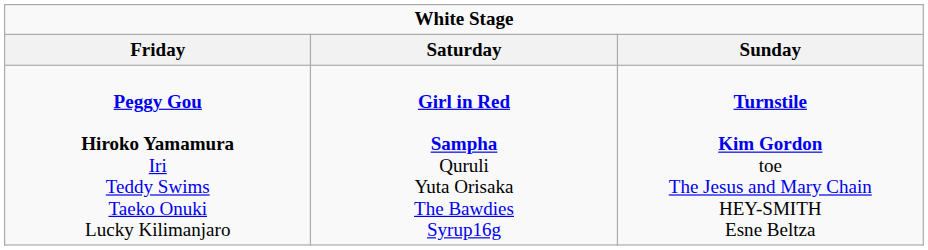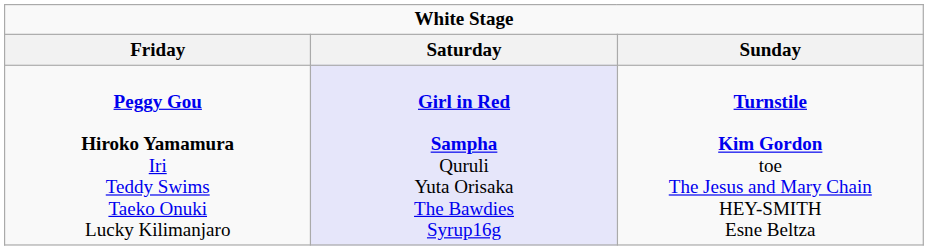 <table class="wikitable">
 <tr>
 <td colspan="3" style="text-align:center;"><strong>White Stage</strong></td>
 </tr>
 <tr>
 <th>Friday</th>
 <th>Saturday</th>
 <th>Sunday</th>
 </tr>
 <tr>
 <td style="text-align:center; vertical-align:top; width:250px;"><br><strong><a href='#'>Peggy Gou</a></strong> <br> <br> <strong> Hiroko Yamamura</strong> <br> <a href='#'>Iri</a> <br> <a href='#'>Teddy Swims</a> <br> <a href='#'>Taeko Onuki</a> <br> Lucky Kilimanjaro</td>
-<td style="text-align:center; vertical-align:top; width:250px;"><br><strong><a href='#'>Girl in Red</a></strong> <br> <br> <strong><a href='#'>Sampha</a></strong> <br> Quruli <br> Yuta Orisaka <br> <a href='#'>The Bawdies</a> <br> <a href='#'>Syrup16g</a></td>
+<td style="background: lavender; text-align:center; vertical-align:top; width:250px;"><br><strong><a href='#'>Girl in Red</a></strong> <br> <br> <strong><a href='#'>Sampha</a></strong> <br> Quruli <br> Yuta Orisaka <br> <a href='#'>The Bawdies</a> <br> <a href='#'>Syrup16g</a></td>
 <td style="text-align:center; vertical-align:top; width:250px;"><br><strong><a href='#'>Turnstile</a></strong> <br> <br> <strong><a href='#'>Kim Gordon</a></strong> <br> toe <br> <a href='#'>The Jesus and Mary Chain</a> <br> HEY-SMITH <br> Esne Beltza</td>
 </tr>
 </table>
